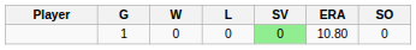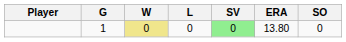 <table class="wikitable sortable">
 <tr>
 <th bgcolor="#DDDDFF" width="16%">Player</th>
 <th bgcolor="#DDDDFF" width="9%">G</th>
 <th bgcolor="#DDDDFF" width="9%">W</th>
 <th bgcolor="#DDDDFF" width="9%">L</th>
 <th bgcolor="#DDDDFF" width="9%">SV</th>
 <th bgcolor="#DDDDFF" width="9%">ERA</th>
 <th bgcolor="#DDDDFF" width="9%">SO</th>
 </tr>
 <tr align="center">
 <td></td>
 <td>1</td>
-<td>0</td>
+<td style="background: khaki;">0</td>
 <td>0</td>
 <td style="background: lightgreen;">0</td>
-<td>10.80</td>
+<td>13.80</td>
 <td>0</td>
 </tr>
 </table>
